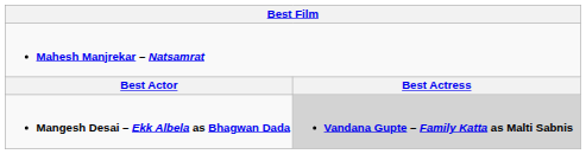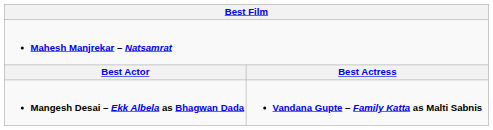 <table class="wikitable">
 <tr>
 <th colspan=2><a href='#'>Best Film</a></th>
 </tr>
 <tr>
 <td colspan=2><br><ul><li><strong><a href='#'>Mahesh Manjrekar</a></strong> <strong>–</strong> <strong><em><a href='#'>Natsamrat</a></em></strong></li></ul></td>
 </tr>
 <tr>
 <th style="vertical-align:top; width:50%;"><a href='#'>Best Actor</a></th>
 <th style="vertical-align:top; width:50%;"><a href='#'>Best Actress</a></th>
 </tr>
 <tr>
 <td><br><ul><li><strong>Mangesh Desai – <em><a href='#'>Ekk Albela</a></em> as <a href='#'>Bhagwan Dada</a></strong></li></ul></td>
-<td style="background: lightgrey;"><br><ul><li><strong><a href='#'>Vandana Gupte</a> – <em><a href='#'>Family Katta</a></em> as Malti Sabnis</strong></li></ul></td>
+<td><br><ul><li><strong><a href='#'>Vandana Gupte</a> – <em><a href='#'>Family Katta</a></em> as Malti Sabnis</strong></li></ul></td>
 </tr>
 </table>
